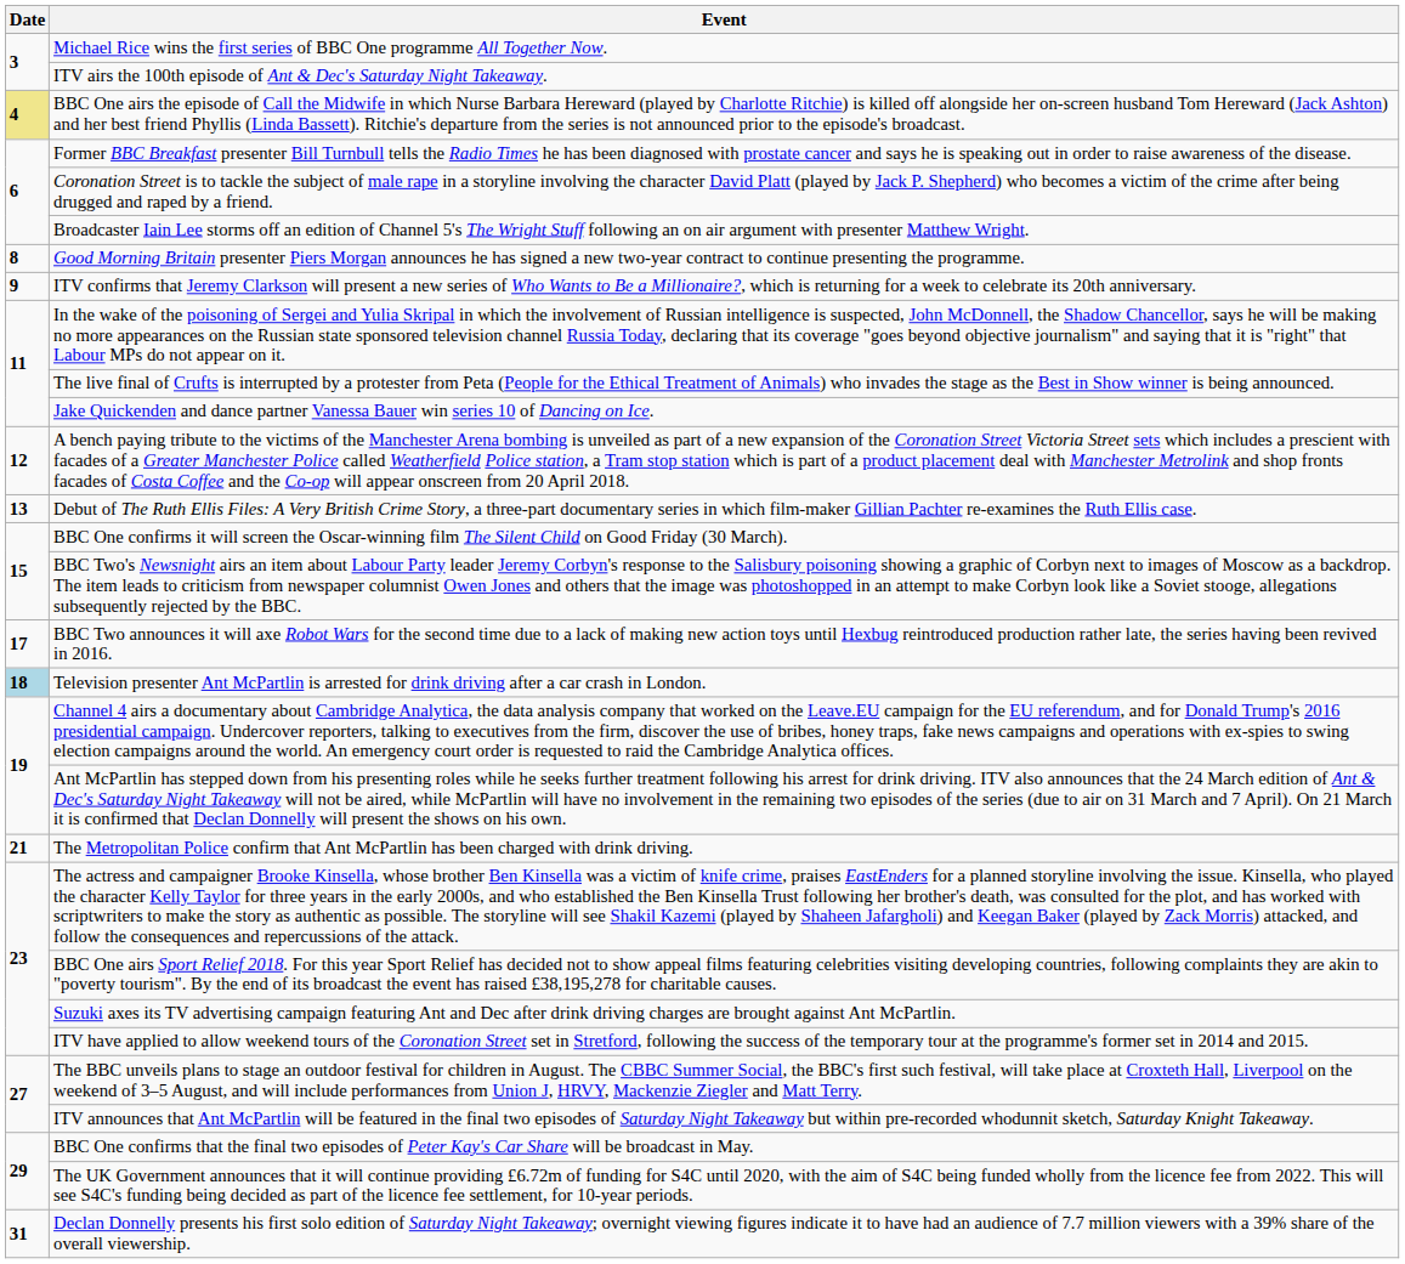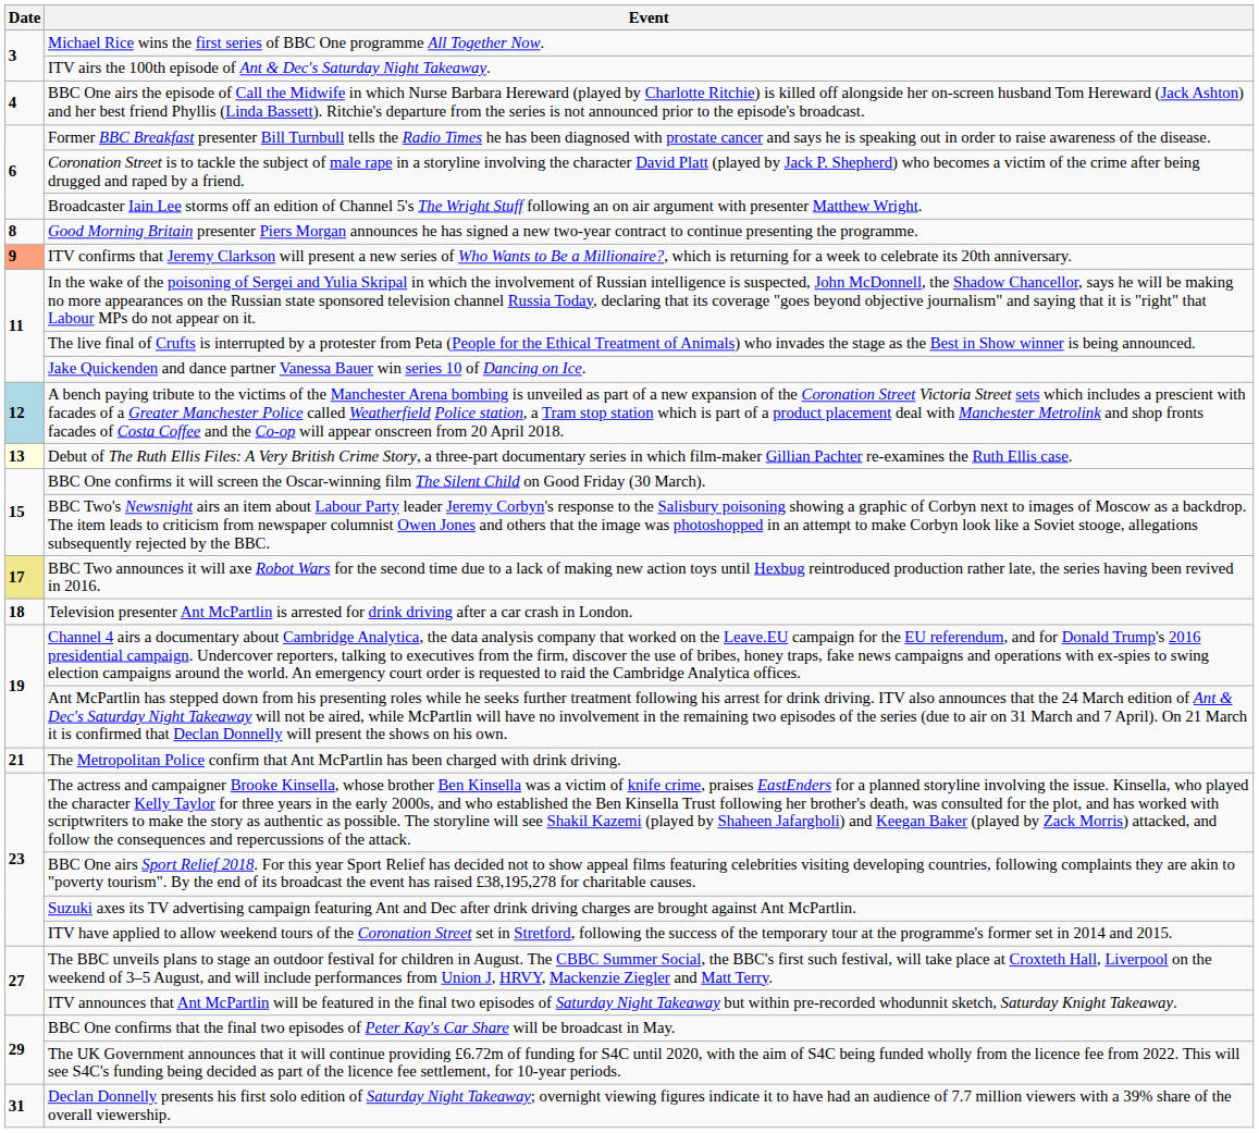 <table class="wikitable">
 <tr>
 <th>Date</th>
 <th>Event</th>
 </tr>
 <tr>
 <td rowspan=2><strong>3</strong></td>
 <td><a href='#'>Michael Rice</a> wins the <a href='#'>first series</a> of BBC One programme <em><a href='#'>All Together Now</a></em>.</td>
 </tr>
 <tr>
 <td>ITV airs the 100th episode of <em><a href='#'>Ant & Dec's Saturday Night Takeaway</a></em>.</td>
 </tr>
 <tr>
-<td style="background: khaki;"><strong>4</strong></td>
+<td><strong>4</strong></td>
 <td>BBC One airs the episode of <a href='#'>Call the Midwife</a> in which Nurse Barbara Hereward (played by <a href='#'>Charlotte Ritchie</a>) is killed off alongside her on-screen husband Tom Hereward (<a href='#'>Jack Ashton</a>) and her best friend Phyllis (<a href='#'>Linda Bassett</a>). Ritchie's departure from the series is not announced prior to the episode's broadcast.</td>
 </tr>
 <tr>
 <td rowspan=3><strong>6</strong></td>
 <td>Former <em><a href='#'>BBC Breakfast</a></em> presenter <a href='#'>Bill Turnbull</a> tells the <em><a href='#'>Radio Times</a></em> he has been diagnosed with <a href='#'>prostate cancer</a> and says he is speaking out in order to raise awareness of the disease.</td>
 </tr>
 <tr>
 <td><em>Coronation Street</em> is to tackle the subject of <a href='#'>male rape</a> in a storyline involving the character <a href='#'>David Platt</a> (played by <a href='#'>Jack P. Shepherd</a>) who becomes a victim of the crime after being drugged and raped by a friend.</td>
 </tr>
 <tr>
 <td>Broadcaster <a href='#'>Iain Lee</a> storms off an edition of Channel 5's <em><a href='#'>The Wright Stuff</a></em> following an on air argument with presenter <a href='#'>Matthew Wright</a>.</td>
 </tr>
 <tr>
 <td><strong>8</strong></td>
 <td><em><a href='#'>Good Morning Britain</a></em> presenter <a href='#'>Piers Morgan</a> announces he has signed a new two-year contract to continue presenting the programme.</td>
 </tr>
 <tr>
-<td><strong>9</strong></td>
+<td style="background: lightsalmon;"><strong>9</strong></td>
 <td>ITV confirms that <a href='#'>Jeremy Clarkson</a> will present a new series of <em><a href='#'>Who Wants to Be a Millionaire?</a></em>, which is returning for a week to celebrate its 20th anniversary.</td>
 </tr>
 <tr>
 <td rowspan=3><strong>11</strong></td>
 <td>In the wake of the <a href='#'>poisoning of Sergei and Yulia Skripal</a> in which the involvement of Russian intelligence is suspected, <a href='#'>John McDonnell</a>, the <a href='#'>Shadow Chancellor</a>, says he will be making no more appearances on the Russian state sponsored television channel <a href='#'>Russia Today</a>, declaring that its coverage "goes beyond objective journalism" and saying that it is "right" that <a href='#'>Labour</a> MPs do not appear on it.</td>
 </tr>
 <tr>
 <td>The live final of <a href='#'>Crufts</a> is interrupted by a protester from Peta (<a href='#'>People for the Ethical Treatment of Animals</a>) who invades the stage as the <a href='#'>Best in Show winner</a> is being announced.</td>
 </tr>
 <tr>
 <td><a href='#'>Jake Quickenden</a> and dance partner <a href='#'>Vanessa Bauer</a> win <a href='#'>series 10</a> of <em><a href='#'>Dancing on Ice</a></em>.</td>
 </tr>
 <tr>
-<td><strong>12</strong></td>
+<td style="background: lightblue;"><strong>12</strong></td>
 <td>A bench paying tribute to the victims of the <a href='#'>Manchester Arena bombing</a> is unveiled as part of a new expansion of the <em><a href='#'>Coronation Street</a></em> <em> Victoria Street</em> <a href='#'>sets</a> which includes a prescient with facades of a <em><a href='#'>Greater Manchester Police</a></em> called <em><a href='#'>Weatherfield</a> <a href='#'>Police station</a></em>, a <a href='#'>Tram stop station</a> which is part of a <a href='#'>product placement</a> deal with <em><a href='#'>Manchester Metrolink</a></em> and shop fronts facades of <em><a href='#'>Costa Coffee</a></em> and the <em><a href='#'>Co-op</a></em> will appear onscreen from 20 April 2018.</td>
 </tr>
 <tr>
-<td><strong>13</strong></td>
+<td style="background: lightyellow;"><strong>13</strong></td>
 <td>Debut of <em>The Ruth Ellis Files: A Very British Crime Story</em>, a three-part documentary series in which film-maker <a href='#'>Gillian Pachter</a> re-examines the <a href='#'>Ruth Ellis case</a>.</td>
 </tr>
 <tr>
 <td rowspan=2><strong>15</strong></td>
 <td>BBC One confirms it will screen the Oscar-winning film <em><a href='#'>The Silent Child</a></em> on Good Friday (30 March).</td>
 </tr>
 <tr>
 <td>BBC Two's <em><a href='#'>Newsnight</a></em> airs an item about <a href='#'>Labour Party</a> leader <a href='#'>Jeremy Corbyn</a>'s response to the <a href='#'>Salisbury poisoning</a> showing a graphic of Corbyn next to images of Moscow as a backdrop. The item leads to criticism from newspaper columnist <a href='#'>Owen Jones</a> and others that the image was <a href='#'>photoshopped</a> in an attempt to make Corbyn look like a Soviet stooge, allegations subsequently rejected by the BBC.</td>
 </tr>
 <tr>
-<td><strong>17</strong></td>
+<td style="background: khaki;"><strong>17</strong></td>
 <td>BBC Two announces it will axe <em><a href='#'>Robot Wars</a></em> for the second time due to a lack of making new action toys until <a href='#'>Hexbug</a> reintroduced production rather late, the series having been revived in 2016.</td>
 </tr>
 <tr>
-<td style="background: lightblue;"><strong>18</strong></td>
+<td><strong>18</strong></td>
 <td>Television presenter <a href='#'>Ant McPartlin</a> is arrested for <a href='#'>drink driving</a> after a car crash in London.</td>
 </tr>
 <tr>
 <td rowspan=2><strong>19</strong></td>
 <td><a href='#'>Channel 4</a> airs a documentary about <a href='#'>Cambridge Analytica</a>, the data analysis company that worked on the <a href='#'>Leave.EU</a> campaign for the <a href='#'>EU referendum</a>, and for <a href='#'>Donald Trump</a>'s <a href='#'>2016 presidential campaign</a>. Undercover reporters, talking to executives from the firm, discover the use of bribes, honey traps, fake news campaigns and operations with ex-spies to swing election campaigns around the world. An emergency court order is requested to raid the Cambridge Analytica offices.</td>
 </tr>
 <tr>
 <td>Ant McPartlin has stepped down from his presenting roles while he seeks further treatment following his arrest for drink driving. ITV also announces that the 24 March edition of <em><a href='#'>Ant & Dec's Saturday Night Takeaway</a></em> will not be aired, while McPartlin will have no involvement in the remaining two episodes of the series (due to air on 31 March and 7 April). On 21 March it is confirmed that <a href='#'>Declan Donnelly</a> will present the shows on his own.</td>
 </tr>
 <tr>
 <td><strong>21</strong></td>
 <td>The <a href='#'>Metropolitan Police</a> confirm that Ant McPartlin has been charged with drink driving.</td>
 </tr>
 <tr>
 <td rowspan=4><strong>23</strong></td>
 <td>The actress and campaigner <a href='#'>Brooke Kinsella</a>, whose brother <a href='#'>Ben Kinsella</a> was a victim of <a href='#'>knife crime</a>, praises <em><a href='#'>EastEnders</a></em> for a planned storyline involving the issue. Kinsella, who played the character <a href='#'>Kelly Taylor</a> for three years in the early 2000s, and who established the Ben Kinsella Trust following her brother's death, was consulted for the plot, and has worked with scriptwriters to make the story as authentic as possible. The storyline will see <a href='#'>Shakil Kazemi</a> (played by <a href='#'>Shaheen Jafargholi</a>) and <a href='#'>Keegan Baker</a> (played by <a href='#'>Zack Morris</a>) attacked, and follow the consequences and repercussions of the attack.</td>
 </tr>
 <tr>
 <td>BBC One airs <em><a href='#'>Sport Relief 2018</a></em>. For this year Sport Relief has decided not to show appeal films featuring celebrities visiting developing countries, following complaints they are akin to "poverty tourism". By the end of its broadcast the event has raised £38,195,278 for charitable causes.</td>
 </tr>
 <tr>
 <td><a href='#'>Suzuki</a> axes its TV advertising campaign featuring Ant and Dec after drink driving charges are brought against Ant McPartlin.</td>
 </tr>
 <tr>
 <td>ITV have applied to allow weekend tours of the <em><a href='#'>Coronation Street</a></em> set in <a href='#'>Stretford</a>, following the success of the temporary tour at the programme's former set in 2014 and 2015.</td>
 </tr>
 <tr>
 <td rowspan="2"><strong>27</strong></td>
 <td>The BBC unveils plans to stage an outdoor festival for children in August. The <a href='#'>CBBC Summer Social</a>, the BBC's first such festival, will take place at <a href='#'>Croxteth Hall</a>, <a href='#'>Liverpool</a> on the weekend of 3–5 August, and will include performances from <a href='#'>Union J</a>, <a href='#'>HRVY</a>, <a href='#'>Mackenzie Ziegler</a> and <a href='#'>Matt Terry</a>.</td>
 </tr>
 <tr>
 <td>ITV announces that <a href='#'>Ant McPartlin</a> will be featured in the final two episodes of <em><a href='#'>Saturday Night Takeaway</a></em> but within pre-recorded whodunnit sketch, <em>Saturday Knight Takeaway</em>.</td>
 </tr>
 <tr>
 <td rowspan="2"><strong>29</strong></td>
 <td>BBC One confirms that the final two episodes of <em><a href='#'>Peter Kay's Car Share</a></em> will be broadcast in May.</td>
 </tr>
 <tr>
 <td>The UK Government announces that it will continue providing £6.72m of funding for S4C until 2020, with the aim of S4C being funded wholly from the licence fee from 2022. This will see S4C's funding being decided as part of the licence fee settlement, for 10-year periods.</td>
 </tr>
 <tr>
 <td><strong>31</strong></td>
 <td><a href='#'>Declan Donnelly</a> presents his first solo edition of <em><a href='#'>Saturday Night Takeaway</a></em>; overnight viewing figures indicate it to have had an audience of 7.7 million viewers with a 39% share of the overall viewership.</td>
 </tr>
 </table>
